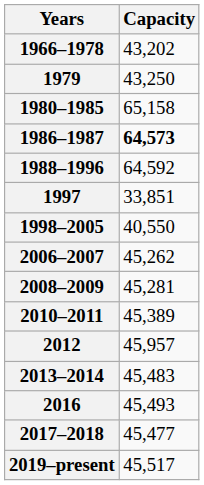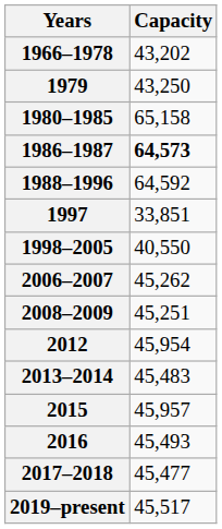 <table class="wikitable">
 <tr>
 <th scope="row">Years</th>
 <th scope="row">Capacity</th>
 </tr>
 <tr>
 <th scope="row">1966–1978</th>
 <td><div>43,202</div></td>
 </tr>
 <tr>
 <th scope="row">1979</th>
 <td><div>43,250</div></td>
 </tr>
 <tr>
 <th scope="row">1980–1985</th>
 <td><div>65,158</div></td>
 </tr>
 <tr>
 <th scope="row">1986–1987</th>
 <td><strong><div>64,573</div></strong></td>
 </tr>
 <tr>
 <th scope="row">1988–1996</th>
 <td><div>64,592</div></td>
 </tr>
 <tr>
 <th scope="row">1997</th>
 <td><div>33,851</div></td>
 </tr>
 <tr>
 <th scope="row">1998–2005</th>
 <td><div>40,550</div></td>
 </tr>
 <tr>
 <th scope="row">2006–2007</th>
 <td><div>45,262</div></td>
 </tr>
 <tr>
 <th scope="row">2008–2009</th>
-<td><div>45,281</div></td>
-</tr>
-<tr>
-<th scope="row">2010–2011</th>
-<td><div>45,389</div></td>
+<td><div>45,251</div></td>
 </tr>
 <tr>
 <th scope="row">2012</th>
-<td><div>45,957</div></td>
+<td><div>45,954</div></td>
 </tr>
 <tr>
 <th scope="row">2013–2014</th>
 <td><div>45,483</div></td>
+</tr>
+<tr>
+<th scope="row">2015</th>
+<td><div>45,957</div></td>
 </tr>
 <tr>
 <th scope="row">2016</th>
 <td>45,493</td>
 </tr>
 <tr>
 <th scope="row">2017–2018</th>
 <td>45,477</td>
 </tr>
 <tr>
 <th scope="row">2019–present</th>
 <td>45,517</td>
 </tr>
 </table>
